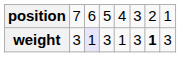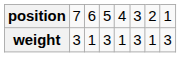 <table class="wikitable" style="text-align: center">
 <tr>
 <th>position</th>
 <td>7</td>
 <td>6</td>
 <td>5</td>
 <td>4</td>
 <td>3</td>
 <td>2</td>
 <td>1</td>
 </tr>
 <tr>
 <th>weight</th>
 <td>3</td>
-<td style="background: lavender;">1</td>
+<td>1</td>
 <td>3</td>
 <td>1</td>
 <td>3</td>
-<td><strong>1</strong></td>
+<td>1</td>
 <td>3</td>
 </tr>
 </table>
